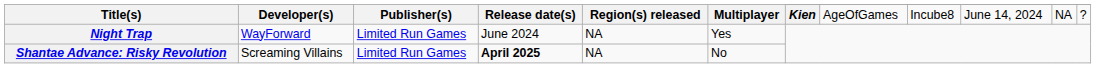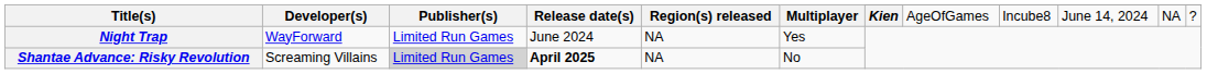 <table class="wikitable sortable sticky-header-multi plainrowheaders" id="softwarelist" style="width:100%; font-size:90%;">
 <tr>
 <th rowspan="2">Title(s)</th>
 <th rowspan="2">Developer(s)</th>
 <th rowspan="2">Publisher(s)</th>
 <th rowspan="2">Release date(s)</th>
 <th rowspan="2">Region(s) released</th>
 <th rowspan="2">Multiplayer</th>
 </tr>
 <tr>
 <th scope="row"><em>Kien</em></th>
 <td>AgeOfGames</td>
 <td>Incube8</td>
 <td>June 14, 2024</td>
 <td>NA</td>
 <td>?</td>
 </tr>
 <tr>
 <th scope="row"><em><a href='#'>Night Trap</a></em></th>
 <td><a href='#'>WayForward</a></td>
 <td><a href='#'>Limited Run Games</a></td>
 <td>June 2024</td>
 <td>NA</td>
 <td>Yes</td>
 </tr>
 <tr>
 <th scope="row"><em><a href='#'>Shantae Advance: Risky Revolution</a></em></th>
 <td>Screaming Villains</td>
-<td><a href='#'>Limited Run Games</a></td>
+<td style="background: lightgrey;"><a href='#'>Limited Run Games</a></td>
 <td><strong>April 2025</strong></td>
 <td>NA</td>
 <td>No</td>
 </tr>
 </table>
